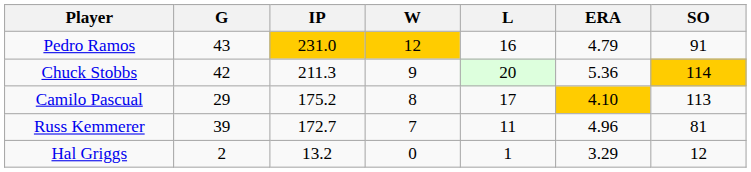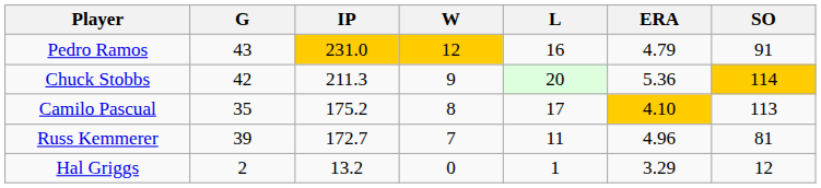 <table class="wikitable sortable">
 <tr>
 <th bgcolor="#DDDDFF" width="16%">Player</th>
 <th bgcolor="#DDDDFF" width="9%">G</th>
 <th bgcolor="#DDDDFF" width="9%">IP</th>
 <th bgcolor="#DDDDFF" width="9%">W</th>
 <th bgcolor="#DDDDFF" width="9%">L</th>
 <th bgcolor="#DDDDFF" width="9%">ERA</th>
 <th bgcolor="#DDDDFF" width="9%">SO</th>
 </tr>
 <tr align="center">
 <td><a href='#'>Pedro Ramos</a></td>
 <td>43</td>
 <td style="background:#fc0;">231.0</td>
 <td style="background:#fc0;">12</td>
 <td>16</td>
 <td>4.79</td>
 <td>91</td>
 </tr>
 <tr align="center">
 <td><a href='#'>Chuck Stobbs</a></td>
 <td>42</td>
 <td>211.3</td>
 <td>9</td>
 <td style="background:#DDFFDD;">20</td>
 <td>5.36</td>
 <td style="background:#fc0;">114</td>
 </tr>
 <tr align="center">
 <td><a href='#'>Camilo Pascual</a></td>
-<td>29</td>
+<td>35</td>
 <td>175.2</td>
 <td>8</td>
 <td>17</td>
 <td style="background:#fc0;">4.10</td>
 <td>113</td>
 </tr>
 <tr align="center">
 <td><a href='#'>Russ Kemmerer</a></td>
 <td>39</td>
 <td>172.7</td>
 <td>7</td>
 <td>11</td>
 <td>4.96</td>
 <td>81</td>
 </tr>
 <tr align="center">
 <td><a href='#'>Hal Griggs</a></td>
 <td>2</td>
 <td>13.2</td>
 <td>0</td>
 <td>1</td>
 <td>3.29</td>
 <td>12</td>
 </tr>
 </table>
